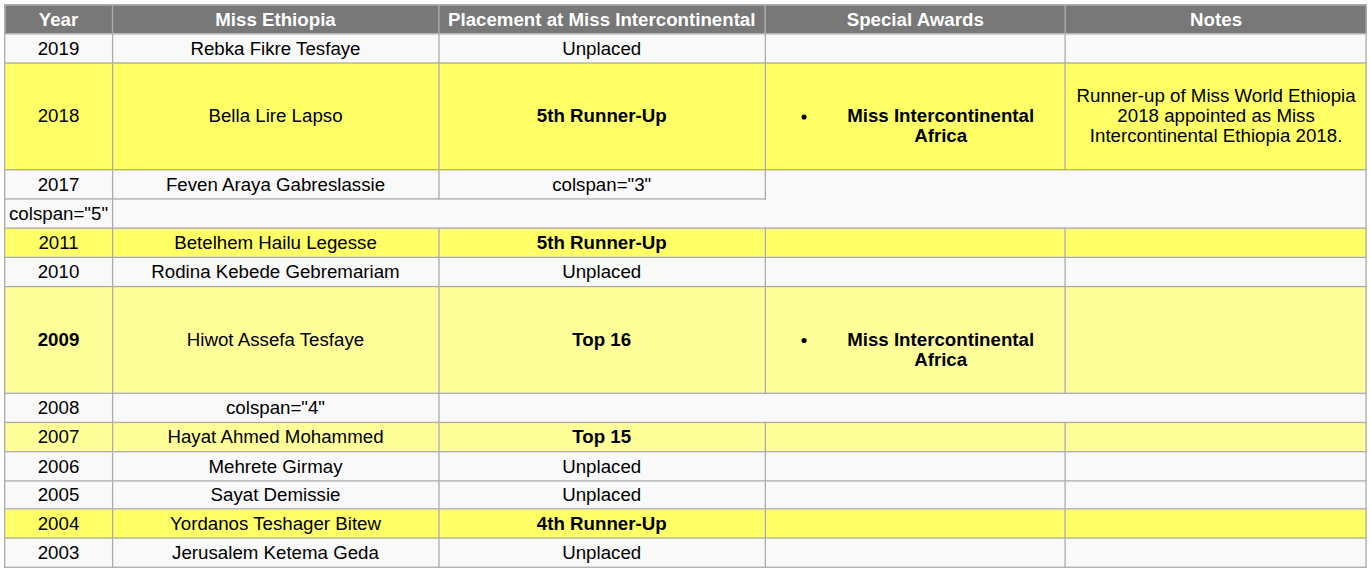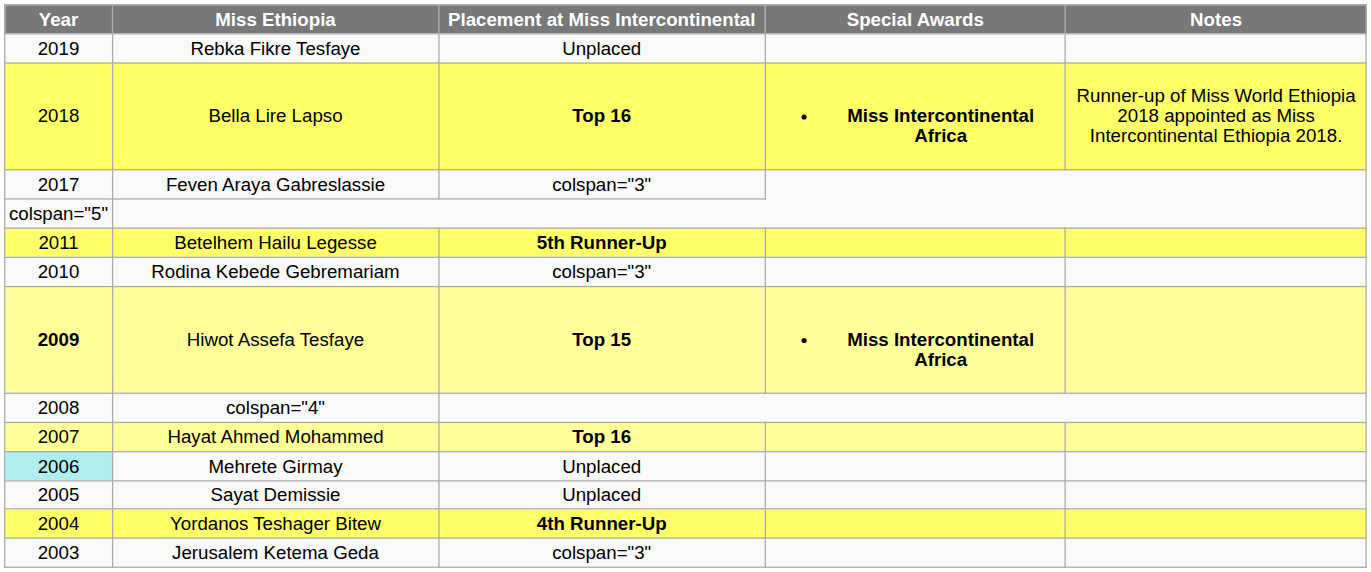 <table class="wikitable" style="font-size: 92%; text-align:center">
 <tr>
 <th width="60" style="background-color:#787878;color:#FFFFFF;">Year</th>
 <th width="250" style="background-color:#787878;color:#FFFFFF;">Miss Ethiopia</th>
 <th width="250" style="background-color:#787878;color:#FFFFFF;">Placement at Miss Intercontinental</th>
 <th width="230" style="background-color:#787878;color:#FFFFFF;">Special Awards</th>
 <th width="230" style="background-color:#787878;color:#FFFFFF;">Notes</th>
 </tr>
 <tr>
 <td>2019</td>
 <td>Rebka Fikre Tesfaye</td>
 <td>Unplaced</td>
 <td></td>
 <td></td>
 </tr>
 <tr style="background-color:#FFFF66; ">
 <td>2018</td>
 <td>Bella Lire Lapso</td>
-<td><strong>5th Runner-Up</strong></td>
+<td><strong>Top 16</strong></td>
 <td><br><ul><li><strong>Miss Intercontinental Africa</strong></li></ul></td>
 <td>Runner-up of Miss World Ethiopia 2018 appointed as Miss Intercontinental Ethiopia 2018.</td>
 </tr>
 <tr>
 <td>2017</td>
 <td>Feven Araya Gabreslassie</td>
 <td>colspan="3" </td>
 </tr>
 <tr>
 <td>colspan="5" </td>
 </tr>
 <tr style="background-color:#FFFF66; ">
 <td>2011</td>
 <td>Betelhem Hailu Legesse</td>
 <td><strong>5th Runner-Up</strong></td>
 <td></td>
 <td></td>
 </tr>
 <tr>
 <td>2010</td>
 <td>Rodina Kebede Gebremariam</td>
-<td>Unplaced</td>
+<td>colspan="3" </td>
 <td></td>
 <td></td>
 </tr>
 <tr style="background-color:#FFFF99; ">
 <td><strong>2009</strong></td>
 <td>Hiwot Assefa Tesfaye</td>
-<td><strong>Top 16</strong></td>
+<td><strong>Top 15</strong></td>
 <td><br><ul><li><strong>Miss Intercontinental Africa</strong></li></ul></td>
 <td></td>
 </tr>
 <tr>
 <td>2008</td>
 <td>colspan="4" </td>
 </tr>
 <tr style="background-color:#FFFF99; ">
 <td>2007</td>
 <td>Hayat Ahmed Mohammed</td>
-<td><strong>Top 15</strong></td>
+<td><strong>Top 16</strong></td>
 <td></td>
 <td></td>
 </tr>
 <tr>
-<td>2006</td>
+<td style="background: paleturquoise;">2006</td>
 <td>Mehrete Girmay</td>
 <td>Unplaced</td>
 <td></td>
 <td></td>
 </tr>
 <tr>
 <td>2005</td>
 <td>Sayat Demissie</td>
 <td>Unplaced</td>
 <td></td>
 <td></td>
 </tr>
 <tr style="background-color:#FFFF66; ">
 <td>2004</td>
 <td>Yordanos Teshager Bitew</td>
 <td><strong>4th Runner-Up</strong></td>
 <td></td>
 <td></td>
 </tr>
 <tr>
 <td>2003</td>
 <td>Jerusalem Ketema Geda</td>
-<td>Unplaced</td>
+<td>colspan="3" </td>
 <td></td>
 <td></td>
 </tr>
 </table>
